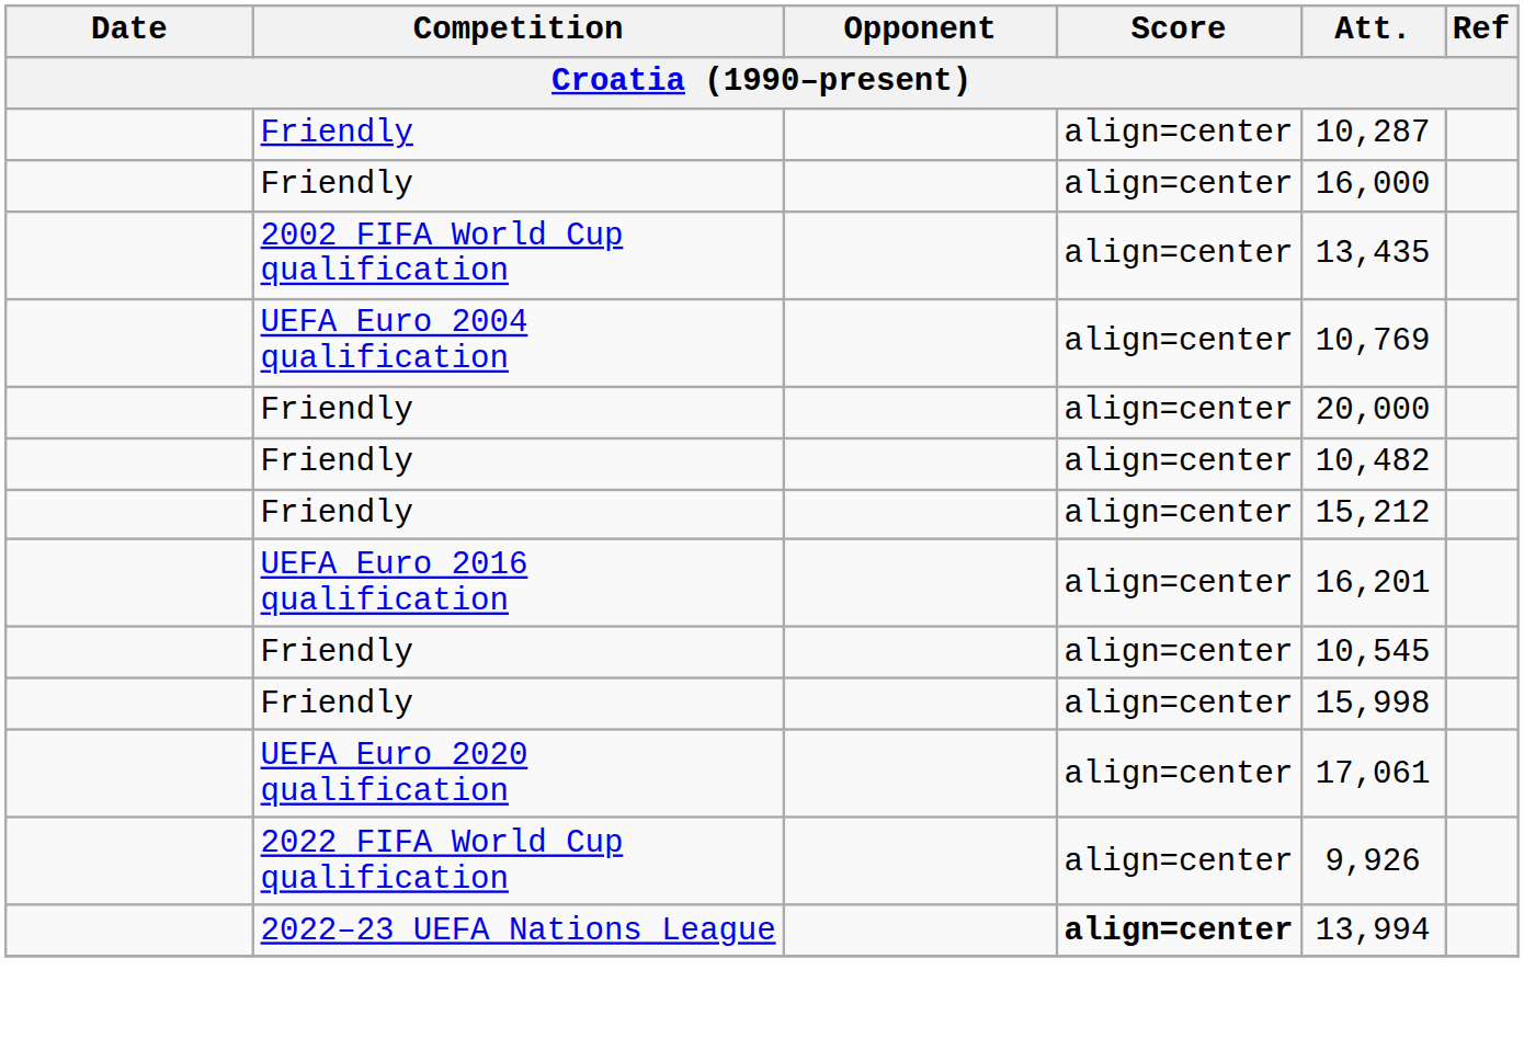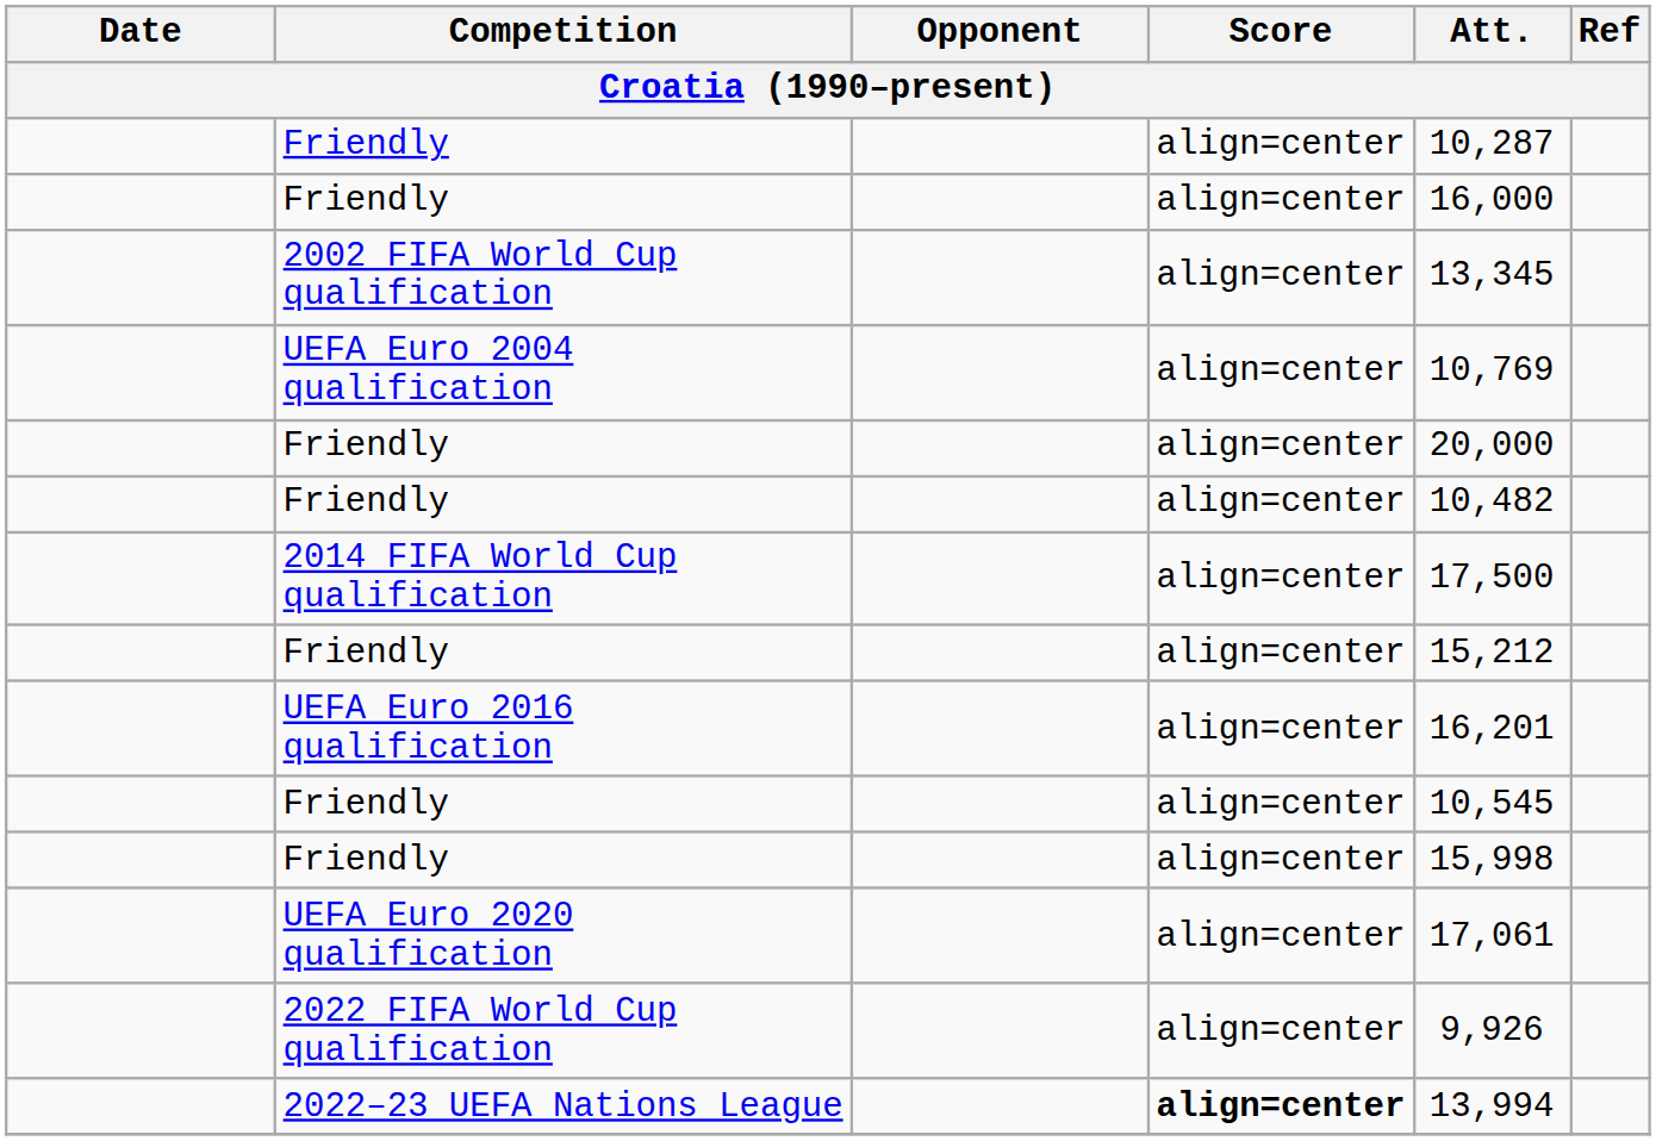 <table class="sortable wikitable" style="font-size:95%;">
 <tr>
 <th width="90">Date</th>
 <th width="200">Competition</th>
 <th width="100">Opponent</th>
 <th width="50">Score</th>
 <th width="50">Att.</th>
 <th width="20">Ref</th>
 </tr>
 <tr>
 <th colspan="6"><a href='#'>Croatia</a> (1990–present)</th>
 </tr>
 <tr>
 <td></td>
 <td><a href='#'>Friendly</a></td>
 <td></td>
 <td>align=center </td>
 <td align=center>10,287</td>
 <td></td>
 </tr>
 <tr>
 <td></td>
 <td>Friendly</td>
 <td></td>
 <td>align=center </td>
 <td align=center>16,000</td>
 <td></td>
 </tr>
 <tr>
 <td></td>
 <td><a href='#'>2002 FIFA World Cup qualification</a></td>
 <td></td>
 <td>align=center </td>
-<td align=center>13,435</td>
+<td align=center>13,345</td>
 <td></td>
 </tr>
 <tr>
 <td></td>
 <td><a href='#'>UEFA Euro 2004 qualification</a></td>
 <td></td>
 <td>align=center </td>
 <td align=center>10,769</td>
 <td></td>
 </tr>
 <tr>
 <td></td>
 <td>Friendly</td>
 <td></td>
 <td>align=center </td>
 <td align=center>20,000</td>
 <td></td>
 </tr>
 <tr>
 <td></td>
 <td>Friendly</td>
 <td></td>
 <td>align=center </td>
 <td align=center>10,482</td>
+<td></td>
+</tr>
+<tr>
+<td></td>
+<td><a href='#'>2014 FIFA World Cup qualification</a></td>
+<td></td>
+<td>align=center </td>
+<td align=center>17,500</td>
 <td></td>
 </tr>
 <tr>
 <td></td>
 <td>Friendly</td>
 <td></td>
 <td>align=center </td>
 <td align=center>15,212</td>
 <td></td>
 </tr>
 <tr>
 <td></td>
 <td><a href='#'>UEFA Euro 2016 qualification</a></td>
 <td></td>
 <td>align=center </td>
 <td align=center>16,201</td>
 <td></td>
 </tr>
 <tr>
 <td></td>
 <td>Friendly</td>
 <td></td>
 <td>align=center </td>
 <td align=center>10,545</td>
 <td></td>
 </tr>
 <tr>
 <td></td>
 <td>Friendly</td>
 <td></td>
 <td>align=center </td>
 <td align=center>15,998</td>
 <td></td>
 </tr>
 <tr>
 <td></td>
 <td><a href='#'>UEFA Euro 2020 qualification</a></td>
 <td></td>
 <td>align=center </td>
 <td align=center>17,061</td>
 <td></td>
 </tr>
 <tr>
 <td></td>
 <td><a href='#'>2022 FIFA World Cup qualification</a></td>
 <td></td>
 <td>align=center </td>
 <td align=center>9,926</td>
 <td></td>
 </tr>
 <tr>
 <td></td>
 <td><a href='#'>2022–23 UEFA Nations League</a></td>
 <td></td>
 <td><strong>align=center </strong></td>
 <td align=center>13,994</td>
 <td></td>
 </tr>
 <tr>
 </tr>
 </table>
